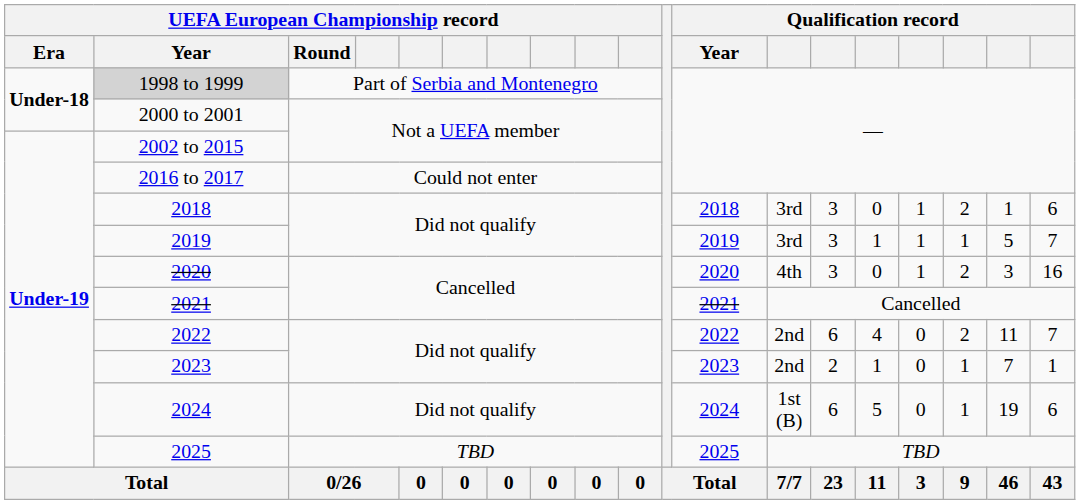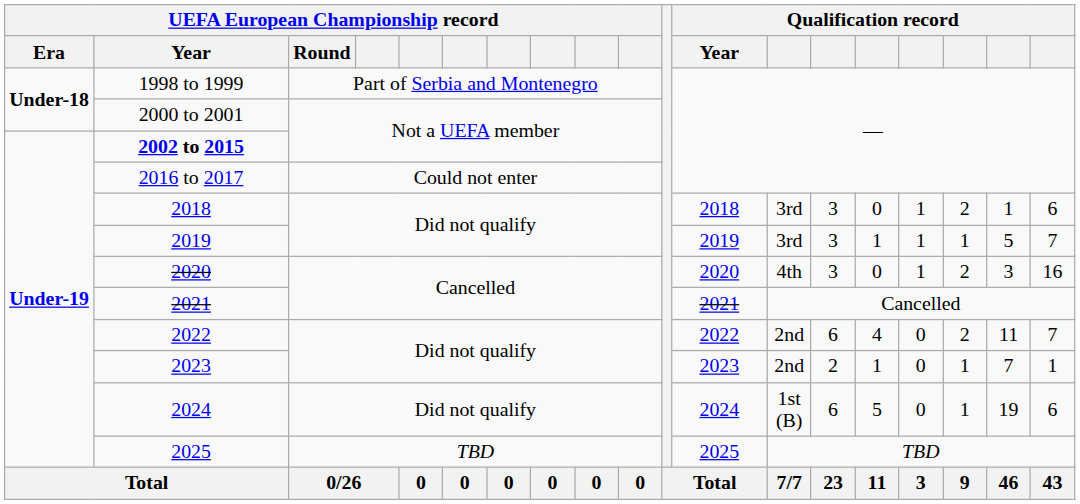 <table class="wikitable" style="text-align: center;">
 <tr>
 <th colspan=10><a href='#'>UEFA European Championship</a> record</th>
 <th rowspan=14></th>
 <th colspan=8>Qualification record</th>
 </tr>
 <tr>
 <th>Era</th>
 <th width=150>Year</th>
 <th>Round</th>
 <th width=28></th>
 <th width=28></th>
 <th width=28></th>
 <th width=28></th>
 <th width=28></th>
 <th width=28></th>
 <th width=28></th>
 <th width=70>Year</th>
 <th width=28></th>
 <th width=28></th>
 <th width=28></th>
 <th width=28></th>
 <th width=28></th>
 <th width=28></th>
 <th width=28></th>
 </tr>
 <tr>
 <td rowspan="2"><strong>Under-18</strong></td>
-<td style="background: lightgrey;">1998 to  1999</td>
+<td>1998 to  1999</td>
 <td colspan=8>Part of  <a href='#'>Serbia and Montenegro</a></td>
 <td colspan=8 rowspan=4>—</td>
 </tr>
 <tr>
 <td> 2000 to  2001</td>
 <td rowspan=2 colspan=8>Not a <a href='#'>UEFA</a> member</td>
 </tr>
 <tr>
 <td rowspan="10"><strong><a href='#'>Under-19</a></strong></td>
-<td> <a href='#'>2002</a> to  <a href='#'>2015</a></td>
+<td><strong> <a href='#'>2002</a> to  <a href='#'>2015</a></strong></td>
 </tr>
 <tr>
 <td> <a href='#'>2016</a> to  <a href='#'>2017</a></td>
 <td colspan=8>Could not enter</td>
 </tr>
 <tr>
 <td> <a href='#'>2018</a></td>
 <td rowspan=2 colspan=8>Did not qualify</td>
 <td> <a href='#'>2018</a></td>
 <td>3rd</td>
 <td>3</td>
 <td>0</td>
 <td>1</td>
 <td>2</td>
 <td>1</td>
 <td>6</td>
 </tr>
 <tr>
 <td> <a href='#'>2019</a></td>
 <td> <a href='#'>2019</a></td>
 <td>3rd</td>
 <td>3</td>
 <td>1</td>
 <td>1</td>
 <td>1</td>
 <td>5</td>
 <td>7</td>
 </tr>
 <tr>
 <td> <s><a href='#'>2020</a></s></td>
 <td colspan=8 rowspan=2>Cancelled</td>
 <td> <a href='#'>2020</a></td>
 <td>4th</td>
 <td>3</td>
 <td>0</td>
 <td>1</td>
 <td>2</td>
 <td>3</td>
 <td>16</td>
 </tr>
 <tr>
 <td> <s><a href='#'>2021</a></s></td>
 <td> <s><a href='#'>2021</a></s></td>
 <td colspan=8>Cancelled</td>
 </tr>
 <tr>
 <td> <a href='#'>2022</a></td>
 <td colspan=8 rowspan="2">Did not qualify</td>
 <td> <a href='#'>2022</a></td>
 <td>2nd</td>
 <td>6</td>
 <td>4</td>
 <td>0</td>
 <td>2</td>
 <td>11</td>
 <td>7</td>
 </tr>
 <tr>
 <td> <a href='#'>2023</a></td>
 <td> <a href='#'>2023</a></td>
 <td>2nd</td>
 <td>2</td>
 <td>1</td>
 <td>0</td>
 <td>1</td>
 <td>7</td>
 <td>1</td>
 </tr>
 <tr>
 <td> <a href='#'>2024</a></td>
 <td colspan=8>Did not qualify</td>
 <td> <a href='#'>2024</a></td>
 <td>1st (B)</td>
 <td>6</td>
 <td>5</td>
 <td>0</td>
 <td>1</td>
 <td>19</td>
 <td>6</td>
 </tr>
 <tr>
 <td> <a href='#'>2025</a></td>
 <td colspan=8><em>TBD</em></td>
 <td> <a href='#'>2025</a></td>
 <td colspan=8><em>TBD</em></td>
 </tr>
 <tr>
 <th rowspan=1 colspan=2>Total</th>
 <th colspan=2>0/26</th>
 <th>0</th>
 <th>0</th>
 <th>0</th>
 <th>0</th>
 <th>0</th>
 <th>0</th>
 <th rowspan=1 colspan=2>Total</th>
 <th>7/7</th>
 <th>23</th>
 <th>11</th>
 <th>3</th>
 <th>9</th>
 <th>46</th>
 <th>43</th>
 </tr>
 </table>
